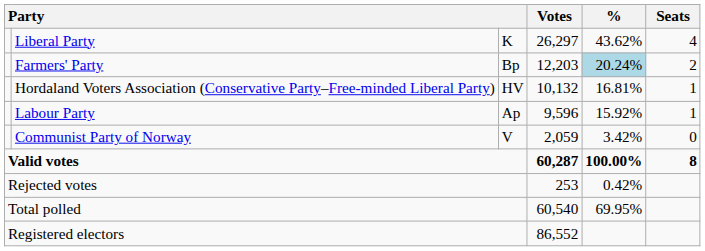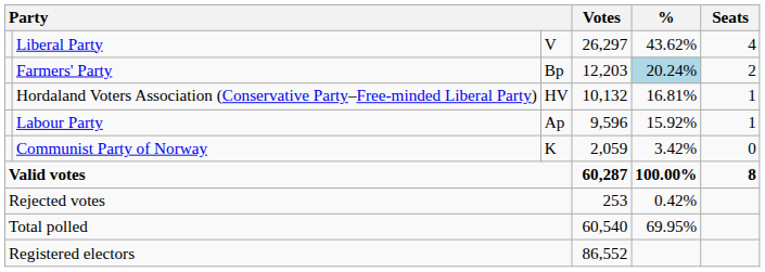 <table class="wikitable" border="1" style="text-align:right;">
 <tr>
 <th style="text-align:left;" colspan=3>Party</th>
 <th align=center width="50">Votes</th>
 <th align=center width="50">%</th>
 <th align=center width="50">Seats</th>
 </tr>
 <tr>
 <td style="color:inherit;background:"></td>
 <td align=left><a href='#'>Liberal Party</a></td>
-<td align=left>K</td>
+<td align=left>V</td>
 <td>26,297</td>
 <td>43.62%</td>
 <td>4</td>
 </tr>
 <tr>
 <td style="color:inherit;background:"></td>
 <td align=left><a href='#'>Farmers' Party</a></td>
 <td align=left>Bp</td>
 <td>12,203</td>
 <td style="background: lightblue;">20.24%</td>
 <td>2</td>
 </tr>
 <tr>
 <td></td>
 <td align=left>Hordaland Voters Association (<a href='#'>Conservative Party</a>–<a href='#'>Free-minded Liberal Party</a>)</td>
 <td align=left>HV</td>
 <td>10,132</td>
 <td>16.81%</td>
 <td>1</td>
 </tr>
 <tr>
 <td style="color:inherit;background:"></td>
 <td align=left><a href='#'>Labour Party</a></td>
 <td align=left>Ap</td>
 <td>9,596</td>
 <td>15.92%</td>
 <td>1</td>
 </tr>
 <tr>
 <td style="color:inherit;background:"></td>
 <td align=left><a href='#'>Communist Party of Norway</a></td>
-<td align=left>V</td>
+<td align=left>K</td>
 <td>2,059</td>
 <td>3.42%</td>
 <td>0</td>
 </tr>
 <tr style="font-weight:bold">
 <td align=left colspan=3>Valid votes</td>
 <td>60,287</td>
 <td>100.00%</td>
 <td>8</td>
 </tr>
 <tr>
 <td align=left colspan=3>Rejected votes</td>
 <td>253</td>
 <td>0.42%</td>
 <td></td>
 </tr>
 <tr>
 <td align=left colspan=3>Total polled</td>
 <td>60,540</td>
 <td>69.95%</td>
 <td></td>
 </tr>
 <tr>
 <td align=left colspan=3>Registered electors</td>
 <td>86,552</td>
 <td></td>
 <td></td>
 </tr>
 </table>
